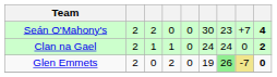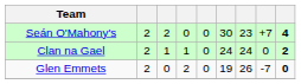 <table class="wikitable" style="text-align:center">
 <tr>
 <th style="width:175px;">Team</th>
 <th width="20"></th>
 <th width="20"></th>
 <th width="20"></th>
 <th width="20"></th>
 <th width="20"></th>
 <th width="20"></th>
 <th width="20"></th>
 <th width="20"></th>
 </tr>
 <tr style="background:#cfc;">
 <td><a href='#'>Seán O'Mahony's</a></td>
 <td>2</td>
 <td>2</td>
 <td>0</td>
 <td>0</td>
 <td>30</td>
 <td>23</td>
 <td>+7</td>
 <td><strong>4</strong></td>
 </tr>
 <tr style="background:#cfc;">
 <td><a href='#'>Clan na Gael</a></td>
 <td>2</td>
 <td>1</td>
 <td>1</td>
 <td>0</td>
 <td>24</td>
 <td>24</td>
 <td>0</td>
 <td><strong>2</strong></td>
 </tr>
 <tr>
 <td><a href='#'>Glen Emmets</a></td>
 <td>2</td>
 <td>0</td>
 <td>2</td>
 <td>0</td>
 <td>19</td>
-<td style="background: lightgreen;">26</td>
-<td style="background: khaki;">-7</td>
+<td>26</td>
+<td>-7</td>
 <td><strong>0</strong></td>
 </tr>
 <tr>
 </tr>
 </table>
